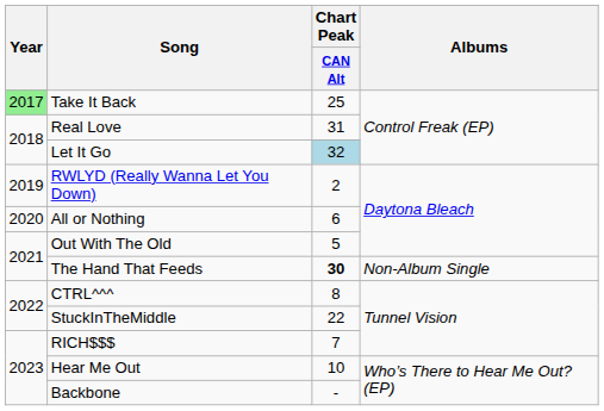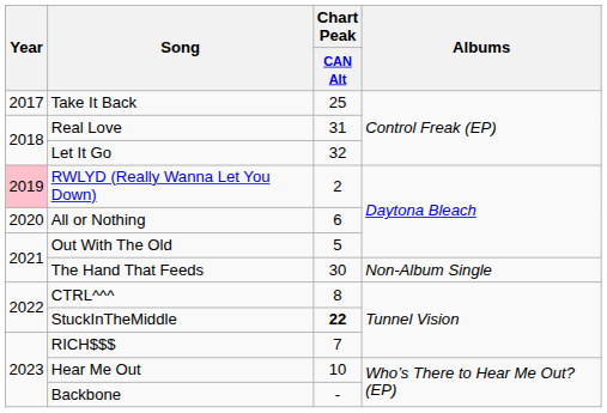 <table class="wikitable">
 <tr>
 <th rowspan="2">Year</th>
 <th rowspan="2">Song</th>
 <th>Chart Peak</th>
 <th rowspan="2">Albums</th>
 </tr>
 <tr>
 <th style="width:40px;"><small><a href='#'>CAN<br> Alt</a></small></th>
 </tr>
 <tr>
-<td style="background: lightgreen;">2017</td>
+<td>2017</td>
 <td>Take It Back</td>
 <td style="text-align:center;">25</td>
 <td rowspan="3"><em>Control Freak (EP)</em></td>
 </tr>
 <tr>
 <td rowspan="2">2018</td>
 <td>Real Love</td>
 <td style="text-align:center;">31</td>
 </tr>
 <tr>
 <td>Let It Go</td>
-<td style="background: lightblue; text-align:center;">32</td>
+<td style="text-align:center;">32</td>
 </tr>
 <tr>
-<td>2019</td>
+<td style="background: pink;">2019</td>
 <td><a href='#'>RWLYD (Really Wanna Let You Down)</a></td>
 <td style="text-align:center;">2</td>
 <td rowspan="3"><em><a href='#'>Daytona Bleach</a></em></td>
 </tr>
 <tr>
 <td>2020</td>
 <td>All or Nothing</td>
 <td style="text-align:center;">6</td>
 </tr>
 <tr>
 <td rowspan="2">2021</td>
 <td>Out With The Old</td>
 <td style="text-align:center;">5</td>
 </tr>
 <tr>
 <td>The Hand That Feeds</td>
-<td style="text-align:center;"><strong>30</strong></td>
+<td style="text-align:center;">30</td>
 <td rowspan="1"><em>Non-Album Single</em></td>
 </tr>
 <tr>
 <td rowspan="2">2022</td>
 <td>CTRL^^^</td>
 <td style="text-align:center;">8</td>
 <td rowspan="3"><em>Tunnel Vision</em></td>
 </tr>
 <tr>
 <td>StuckInTheMiddle</td>
-<td style="text-align:center;">22</td>
+<td style="text-align:center;"><strong>22</strong></td>
 </tr>
 <tr>
 <td rowspan="3">2023</td>
 <td>RICH$$$</td>
 <td style="text-align:center;">7</td>
 </tr>
 <tr>
 <td>Hear Me Out</td>
 <td style="text-align:center;">10</td>
 <td rowspan="2"><em>Who’s There to Hear Me Out? (EP)</em></td>
 </tr>
 <tr>
 <td>Backbone</td>
 <td style="text-align:center;">-</td>
 </tr>
 </table>
